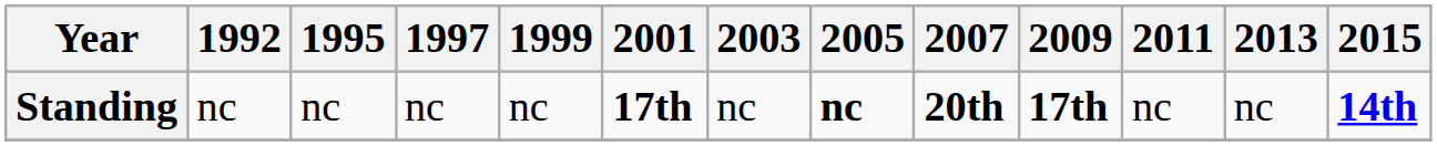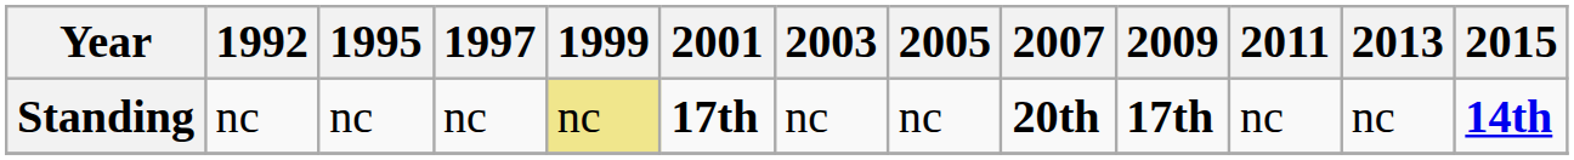 <table class="wikitable">
 <tr>
 <th>Year</th>
 <th>1992</th>
 <th>1995</th>
 <th>1997</th>
 <th>1999</th>
 <th>2001</th>
 <th>2003</th>
 <th>2005</th>
 <th>2007</th>
 <th>2009</th>
 <th>2011</th>
 <th>2013</th>
 <th>2015</th>
 </tr>
 <tr>
 <th>Standing</th>
 <td>nc</td>
 <td>nc</td>
 <td>nc</td>
-<td>nc</td>
+<td style="background: khaki;">nc</td>
 <td><strong>17th</strong></td>
 <td>nc</td>
-<td><strong>nc</strong></td>
+<td>nc</td>
 <td><strong>20th</strong></td>
 <td><strong>17th</strong></td>
 <td>nc</td>
 <td>nc</td>
 <td><strong><a href='#'>14th</a></strong></td>
 </tr>
 <tr>
 </tr>
 </table>
